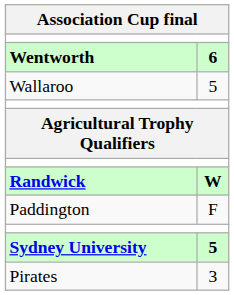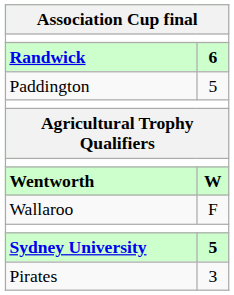 <table align="right" class="wikitable" style="font-size:90%; text-align:center; margin-left:1em; margin-right:4em">
 <tr bgcolor=#ccffcc>
 <th colspan=2>Association Cup final</th>
 </tr>
 <tr bgcolor=#fff>
 <td colspan=2></td>
 </tr>
 <tr bgcolor=#ccffcc>
-<td align=left><strong>Wentworth</strong></td>
+<td width=150; align=left> <a href='#'><strong>Randwick</strong></a></td>
 <td width=20><strong>6</strong></td>
 </tr>
 <tr>
-<td align=left> Wallaroo</td>
+<td align=left> Paddington</td>
 <td>5</td>
 </tr>
 <tr bgcolor=#fff>
 <td colspan=2></td>
 </tr>
 <tr bgcolor=#ccffcc>
 <th colspan=2>Agricultural Trophy Qualifiers</th>
 </tr>
 <tr bgcolor=#fff>
 <td colspan=2></td>
 </tr>
 <tr bgcolor=#ccffcc>
-<td width=150; align=left> <a href='#'><strong>Randwick</strong></a></td>
+<td align=left><strong>Wentworth</strong></td>
 <td><strong>W</strong></td>
 </tr>
 <tr>
-<td align=left> Paddington</td>
+<td align=left> Wallaroo</td>
 <td>F</td>
 </tr>
 <tr bgcolor=#fff>
 <td colspan=2></td>
 </tr>
 <tr bgcolor=#ccffcc>
 <td align=left> <a href='#'><strong>Sydney University</strong></a></td>
 <td><strong>5</strong></td>
 </tr>
 <tr>
 <td align=left> Pirates</td>
 <td>3</td>
 </tr>
 </table>
